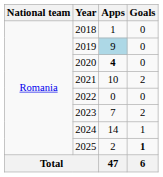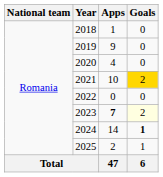 <table class="wikitable" style="text-align: center;">
 <tr>
 <th>National team</th>
 <th>Year</th>
 <th>Apps</th>
 <th>Goals</th>
 </tr>
 <tr>
 <td rowspan="8"><a href='#'>Romania</a></td>
 <td>2018</td>
 <td>1</td>
 <td>0</td>
 </tr>
 <tr>
 <td>2019</td>
-<td style="background: lightblue;">9</td>
+<td>9</td>
 <td>0</td>
 </tr>
 <tr>
 <td>2020</td>
-<td><strong>4</strong></td>
+<td>4</td>
 <td>0</td>
 </tr>
 <tr>
 <td>2021</td>
 <td>10</td>
-<td>2</td>
+<td style="background: gold;">2</td>
 </tr>
 <tr>
 <td>2022</td>
 <td>0</td>
 <td>0</td>
 </tr>
 <tr>
 <td>2023</td>
-<td>7</td>
-<td>2</td>
+<td><strong>7</strong></td>
+<td style="background: lightyellow;">2</td>
 </tr>
 <tr>
 <td>2024</td>
 <td>14</td>
-<td>1</td>
+<td><strong>1</strong></td>
 </tr>
 <tr>
 <td>2025</td>
 <td>2</td>
-<td><strong>1</strong></td>
+<td>1</td>
 </tr>
 <tr>
 <th colspan="2">Total</th>
 <th>47</th>
 <th>6</th>
 </tr>
 </table>
